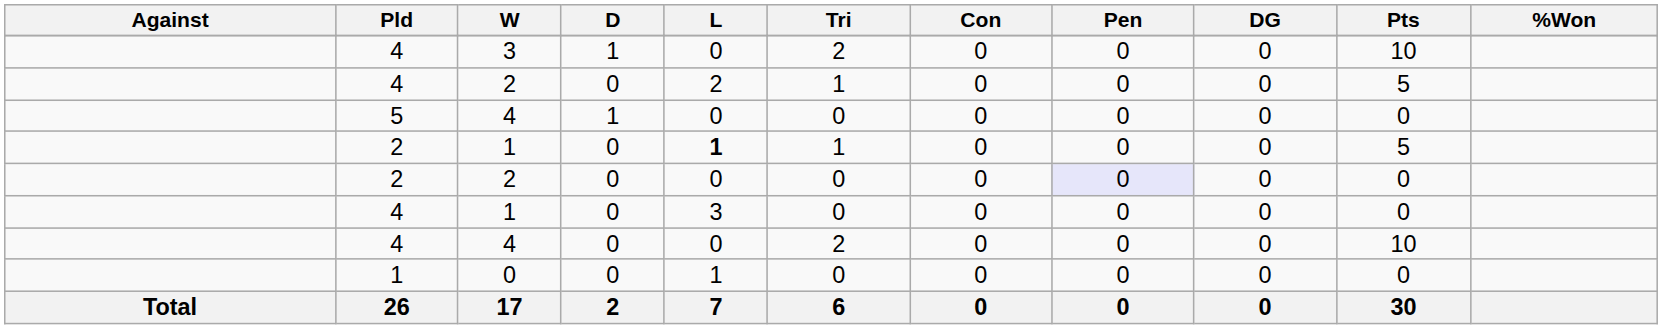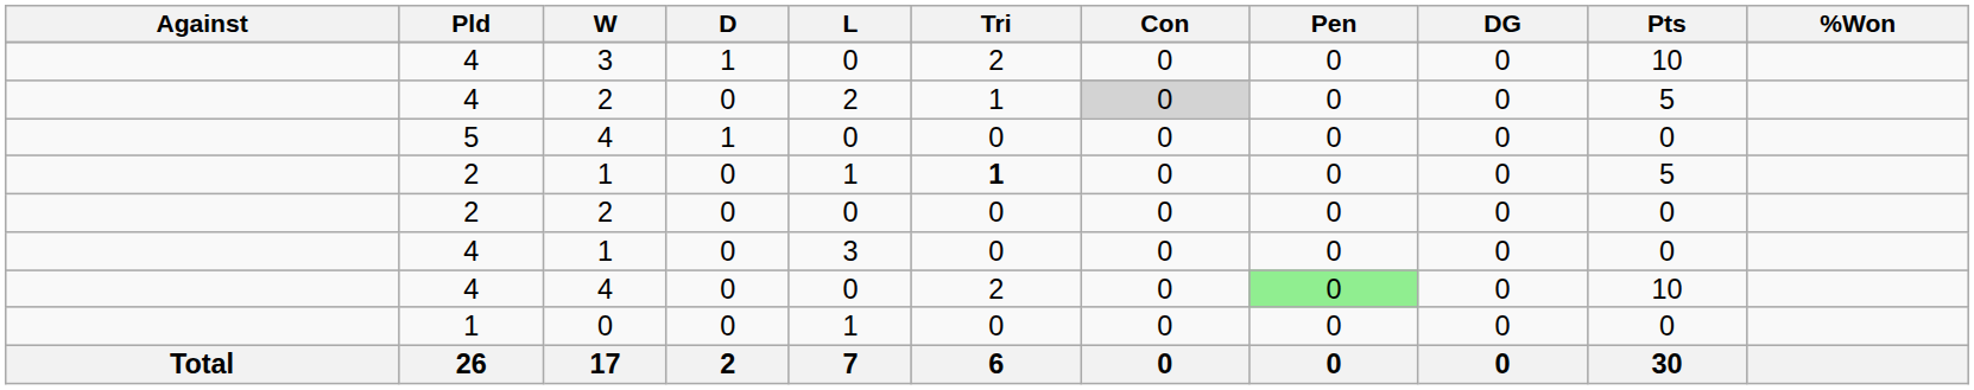 <table class="wikitable sortable"  style="text-align:center; line-height:90%; font-size:95%; width:85%;">
 <tr>
 <th style="width:20%; font-size:90%;">Against</th>
 <th abbr="Played" style="width:25px; font-size:90%;">Pld</th>
 <th abbr="Won" style="width:20px; font-size:90%;">W</th>
 <th abbr="Drawn" style="width:20px; font-size:90%;">D</th>
 <th abbr="Lost" style="width:20px; font-size:90%;">L</th>
 <th abbr="Tries" style="width:30px; font-size:90%;">Tri</th>
 <th abbr="Conversions" style="width:30px; font-size:90%;">Con</th>
 <th abbr="Penalties" style="width:30px; font-size:90%;">Pen</th>
 <th abbr="Penalties" style="width:30px; font-size:90%;">DG</th>
 <th abbr="Points" style="width:28px; font-size:90%;">Pts</th>
 <th abbr="Won" style="width:28px; font-size:90%;">%Won</th>
 </tr>
 <tr bgcolor="#d0ffd0" align="center">
 </tr>
 <tr>
 <td align="left"></td>
 <td>4</td>
 <td>3</td>
 <td>1</td>
 <td>0</td>
 <td>2</td>
 <td>0</td>
 <td>0</td>
 <td>0</td>
 <td>10</td>
 <td></td>
 </tr>
 <tr>
 <td align="left"></td>
 <td>4</td>
 <td>2</td>
 <td>0</td>
 <td>2</td>
 <td>1</td>
-<td>0</td>
+<td style="background: lightgrey;">0</td>
 <td>0</td>
 <td>0</td>
 <td>5</td>
 <td></td>
 </tr>
 <tr>
 <td align="left"></td>
 <td>5</td>
 <td>4</td>
 <td>1</td>
 <td>0</td>
 <td>0</td>
 <td>0</td>
 <td>0</td>
 <td>0</td>
 <td>0</td>
 <td></td>
 </tr>
 <tr>
 <td align="left"></td>
 <td>2</td>
 <td>1</td>
 <td>0</td>
+<td>1</td>
 <td><strong>1</strong></td>
-<td>1</td>
 <td>0</td>
 <td>0</td>
 <td>0</td>
 <td>5</td>
 <td></td>
 </tr>
 <tr>
 <td align="left"></td>
 <td>2</td>
 <td>2</td>
 <td>0</td>
 <td>0</td>
 <td>0</td>
 <td>0</td>
-<td style="background: lavender;">0</td>
+<td>0</td>
 <td>0</td>
 <td>0</td>
 <td></td>
 </tr>
 <tr>
 <td align="left"></td>
 <td>4</td>
 <td>1</td>
 <td>0</td>
 <td>3</td>
 <td>0</td>
 <td>0</td>
 <td>0</td>
 <td>0</td>
 <td>0</td>
 <td></td>
 </tr>
 <tr>
 <td align="left"></td>
 <td>4</td>
 <td>4</td>
 <td>0</td>
 <td>0</td>
 <td>2</td>
 <td>0</td>
-<td>0</td>
+<td style="background: lightgreen;">0</td>
 <td>0</td>
 <td>10</td>
 <td></td>
 </tr>
 <tr>
 <td align="left"></td>
 <td>1</td>
 <td>0</td>
 <td>0</td>
 <td>1</td>
 <td>0</td>
 <td>0</td>
 <td>0</td>
 <td>0</td>
 <td>0</td>
 <td></td>
 </tr>
 <tr>
 <th>Total</th>
 <th>26</th>
 <th>17</th>
 <th>2</th>
 <th>7</th>
 <th>6</th>
 <th>0</th>
 <th>0</th>
 <th>0</th>
 <th>30</th>
 <th></th>
 </tr>
 </table>
